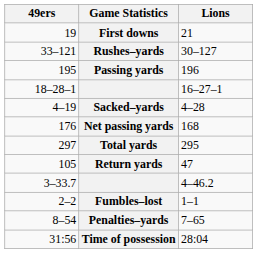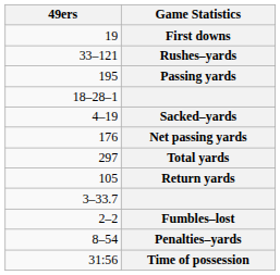 <table class="wikitable" style="margin: 1em auto 1em auto">
 <tr>
 <th style="width:30%;">49ers</th>
 <th style="width:40%;">Game Statistics</th>
-<th style="width:30%;">Lions</th>
 </tr>
 <tr>
 <td style="text-align:right;">19</td>
 <th>First downs</th>
-<td>21</td>
 </tr>
 <tr>
 <td style="text-align:right;">33–121</td>
 <th>Rushes–yards</th>
-<td>30–127</td>
 </tr>
 <tr>
 <td style="text-align:right;">195</td>
 <th>Passing yards</th>
-<td>196</td>
 </tr>
 <tr>
 <td style="text-align:right;">18–28–1</td>
 <th></th>
-<td>16–27–1</td>
 </tr>
 <tr>
 <td style="text-align:right;">4–19</td>
 <th>Sacked–yards</th>
-<td>4–28</td>
 </tr>
 <tr>
 <td style="text-align:right;">176</td>
 <th>Net passing yards</th>
-<td>168</td>
 </tr>
 <tr>
 <td style="text-align:right;">297</td>
 <th>Total yards</th>
-<td>295</td>
 </tr>
 <tr>
 <td style="text-align:right;">105</td>
 <th>Return yards</th>
-<td>47</td>
 </tr>
 <tr>
 <td style="text-align:right;">3–33.7</td>
 <th></th>
-<td>4–46.2</td>
 </tr>
 <tr>
 <td style="text-align:right;">2–2</td>
 <th>Fumbles–lost</th>
-<td>1–1</td>
 </tr>
 <tr>
 <td style="text-align:right;">8–54</td>
 <th>Penalties–yards</th>
-<td>7–65</td>
 </tr>
 <tr>
 <td style="text-align:right;">31:56</td>
 <th>Time of possession</th>
-<td>28:04</td>
 </tr>
 </table>
